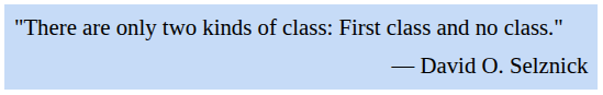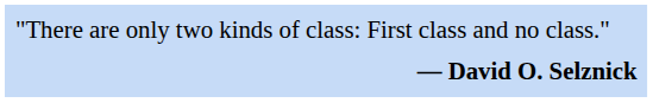 <table class="toccolours" style="float: right; margin-left: 1em; margin-right: 1em; font-size: 85%; background:#c6dbf7; color:black; width:30em; max-width: 40%;" cellspacing="5">
 <tr>
 <td style="text-align: left;">"There are only two kinds of class: First class and no class."</td>
 </tr>
 <tr>
-<td style="text-align: right;">— David O. Selznick</td>
+<td style="text-align: right;"><strong>— David O. Selznick</strong></td>
 </tr>
 </table>
